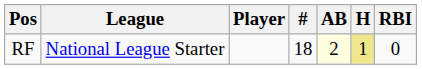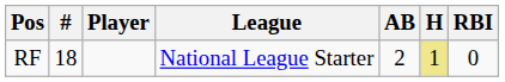 <table class="wikitable">
 <tr>
 <th>Pos</th>
+<th>#</th>
+<th>Player</th>
 <th>League</th>
-<th>Player</th>
-<th>#</th>
 <th>AB</th>
 <th>H</th>
 <th>RBI</th>
 </tr>
 <tr align="center">
 <td>RF</td>
+<td>18</td>
+<td></td>
 <td><a href='#'>National League</a> Starter</td>
-<td></td>
-<td>18</td>
-<td style="background: lightyellow;">2</td>
+<td>2</td>
 <td style="background: khaki;">1</td>
 <td>0</td>
 </tr>
 </table>
